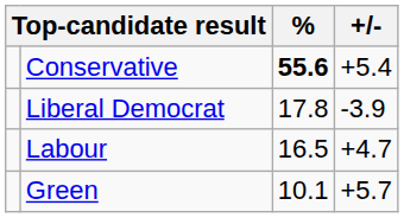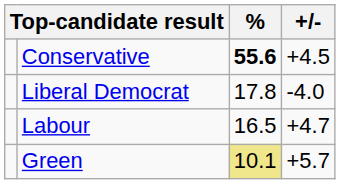 <table class="wikitable">
 <tr>
 <th colspan="2">Top-candidate result</th>
 <th>%</th>
 <th>+/-</th>
 </tr>
 <tr>
 <td style="background-color: "></td>
 <td><a href='#'>Conservative</a></td>
 <td><strong>55.6</strong></td>
-<td><span>+5.4</span></td>
+<td><span>+4.5</span></td>
 </tr>
 <tr>
 <td style="background-color: "></td>
 <td><a href='#'>Liberal Democrat</a></td>
 <td>17.8</td>
-<td><span>-3.9</span></td>
+<td><span>-4.0</span></td>
 </tr>
 <tr>
 <td style="background-color: "></td>
 <td><a href='#'>Labour</a></td>
 <td>16.5</td>
 <td><span>+4.7</span></td>
 </tr>
 <tr>
 <td style="background-color: "></td>
 <td><a href='#'>Green</a></td>
-<td>10.1</td>
+<td style="background: khaki;">10.1</td>
 <td><span>+5.7</span></td>
 </tr>
 </table>
